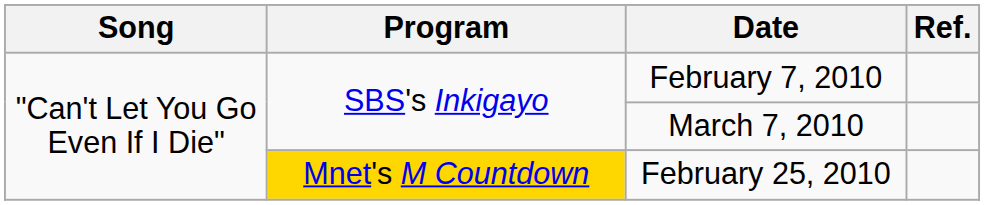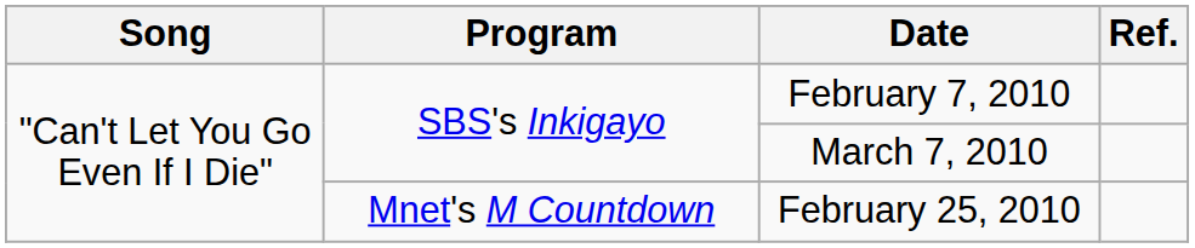 <table class="wikitable" style="text-align:center">
 <tr>
 <th width="130">Song</th>
 <th width="180">Program</th>
 <th width="140">Date</th>
 <th>Ref.</th>
 </tr>
 <tr>
 <td rowspan="3">"Can't Let You Go Even If I Die"</td>
 <td rowspan="2"><a href='#'>SBS</a>'s <em><a href='#'>Inkigayo</a></em></td>
 <td>February 7, 2010</td>
 <td></td>
 </tr>
 <tr>
 <td>March 7, 2010</td>
 <td></td>
 </tr>
 <tr>
-<td style="background: gold;"><a href='#'>Mnet</a>'s <em><a href='#'>M Countdown</a></em></td>
+<td><a href='#'>Mnet</a>'s <em><a href='#'>M Countdown</a></em></td>
 <td>February 25, 2010</td>
 <td></td>
 </tr>
 </table>
